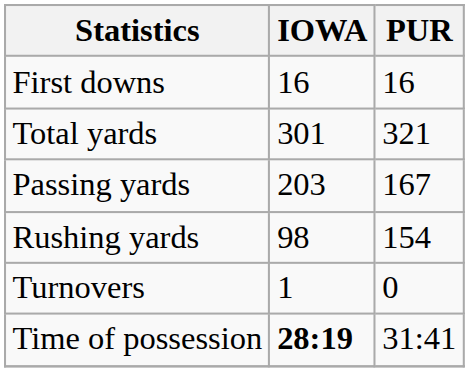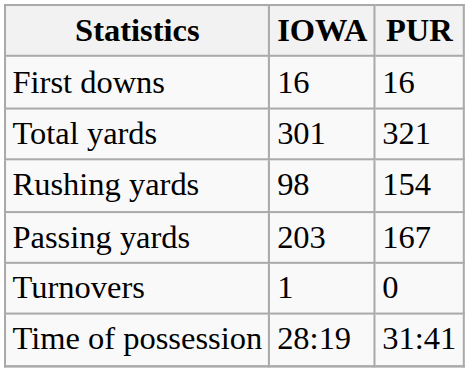 <table class="wikitable">
 <tr>
 <th>Statistics</th>
 <th>IOWA</th>
 <th>PUR</th>
 </tr>
 <tr>
 <td>First downs</td>
 <td>16</td>
 <td>16</td>
 </tr>
 <tr>
 <td>Total yards</td>
 <td>301</td>
 <td>321</td>
 </tr>
 <tr>
+<td>Rushing yards</td>
+<td>98</td>
+<td>154</td>
+</tr>
+<tr>
 <td>Passing yards</td>
 <td>203</td>
 <td>167</td>
-</tr>
-<tr>
-<td>Rushing yards</td>
-<td>98</td>
-<td>154</td>
 </tr>
 <tr>
 <td>Turnovers</td>
 <td>1</td>
 <td>0</td>
 </tr>
 <tr>
 <td>Time of possession</td>
-<td><strong>28:19</strong></td>
+<td>28:19</td>
 <td>31:41</td>
 </tr>
 <tr>
 </tr>
 </table>
